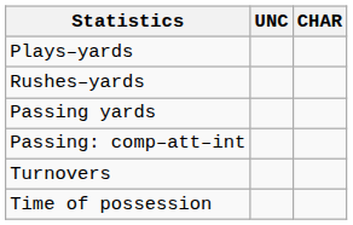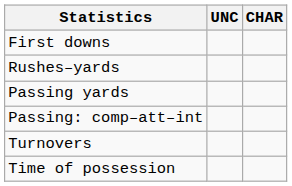 <table class="wikitable" style="float:left">
 <tr>
 <th>Statistics</th>
 <th>UNC</th>
 <th>CHAR</th>
 </tr>
 <tr>
-<td>Plays–yards</td>
+<td>First downs</td>
 <td></td>
 <td></td>
 </tr>
 <tr>
 <td>Rushes–yards</td>
 <td></td>
 <td></td>
 </tr>
 <tr>
 <td>Passing yards</td>
 <td></td>
 <td></td>
 </tr>
 <tr>
 <td>Passing: comp–att–int</td>
 <td></td>
 <td></td>
 </tr>
 <tr>
 <td>Turnovers</td>
 <td></td>
 <td></td>
 </tr>
 <tr>
 <td>Time of possession</td>
 <td></td>
 <td></td>
 </tr>
 </table>
